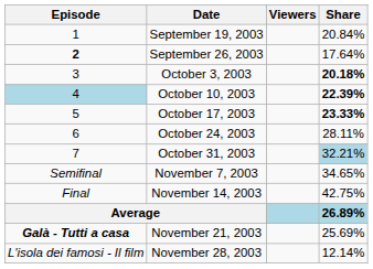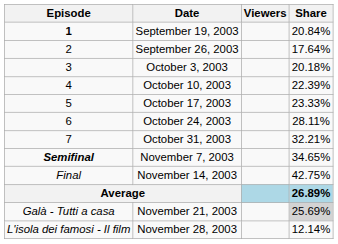 <table class="wikitable" style="text-align:center;">
 <tr>
 <th>Episode</th>
 <th>Date</th>
 <th>Viewers</th>
 <th>Share</th>
 </tr>
 <tr>
-<td>1</td>
+<td><strong>1</strong></td>
 <td>September 19, 2003</td>
 <td></td>
 <td>20.84%</td>
 </tr>
 <tr>
-<td><strong>2</strong></td>
+<td>2</td>
 <td>September 26, 2003</td>
 <td></td>
 <td>17.64%</td>
 </tr>
 <tr>
 <td>3</td>
 <td>October 3, 2003</td>
 <td></td>
-<td><strong>20.18%</strong></td>
+<td>20.18%</td>
 </tr>
 <tr>
-<td style="background: lightblue;">4</td>
+<td>4</td>
 <td>October 10, 2003</td>
 <td></td>
-<td><strong>22.39%</strong></td>
+<td>22.39%</td>
 </tr>
 <tr>
 <td>5</td>
 <td>October 17, 2003</td>
 <td></td>
-<td><strong>23.33%</strong></td>
+<td>23.33%</td>
 </tr>
 <tr>
 <td>6</td>
 <td>October 24, 2003</td>
 <td></td>
 <td>28.11%</td>
 </tr>
 <tr>
 <td>7</td>
 <td>October 31, 2003</td>
 <td></td>
-<td style="background: lightblue;">32.21%</td>
+<td>32.21%</td>
 </tr>
 <tr>
-<td><em>Semifinal</em></td>
+<td><strong><em>Semifinal</em></strong></td>
 <td>November 7, 2003</td>
 <td></td>
 <td>34.65%</td>
 </tr>
 <tr>
 <td><em>Final</em></td>
 <td>November 14, 2003</td>
 <td></td>
 <td>42.75%</td>
 </tr>
 <tr>
 <th colspan="2">Average</th>
 <td style="background:lightblue"><strong></strong></td>
 <td style="background:lightblue"><strong>26.89%</strong></td>
 </tr>
 <tr>
-<td><strong><em>Galà - Tutti a casa</em></strong></td>
+<td><em>Galà - Tutti a casa</em></td>
 <td>November 21, 2003</td>
 <td></td>
-<td>25.69%</td>
+<td style="background: lightgrey;">25.69%</td>
 </tr>
 <tr>
 <td><em>L'isola dei famosi - Il film</em></td>
 <td>November 28, 2003</td>
 <td></td>
 <td>12.14%</td>
 </tr>
 </table>
